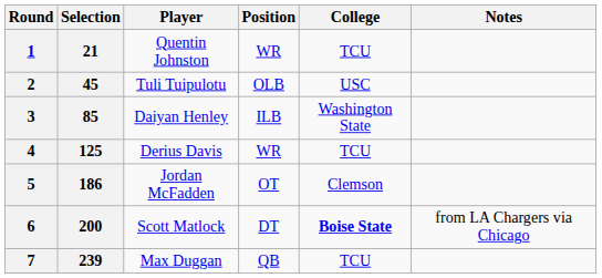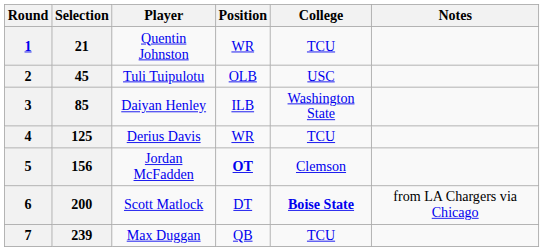 <table class="wikitable" style="text-align:center">
 <tr>
 <th>Round</th>
 <th>Selection</th>
 <th>Player</th>
 <th>Position</th>
 <th>College</th>
 <th>Notes</th>
 </tr>
 <tr>
 <th><a href='#'>1</a></th>
 <th>21</th>
 <td><a href='#'>Quentin Johnston</a></td>
 <td><a href='#'>WR</a></td>
 <td><a href='#'>TCU</a></td>
 <td></td>
 </tr>
 <tr>
 <th>2</th>
 <th>45</th>
 <td><a href='#'>Tuli Tuipulotu</a></td>
 <td><a href='#'>OLB</a></td>
 <td><a href='#'>USC</a></td>
 <td></td>
 </tr>
 <tr>
 <th>3</th>
 <th>85</th>
 <td><a href='#'>Daiyan Henley</a></td>
 <td><a href='#'>ILB</a></td>
 <td><a href='#'>Washington State</a></td>
 <td></td>
 </tr>
 <tr>
 <th>4</th>
 <th>125</th>
 <td><a href='#'>Derius Davis</a></td>
 <td><a href='#'>WR</a></td>
 <td><a href='#'>TCU</a></td>
 <td></td>
 </tr>
 <tr>
 <th>5</th>
-<th>186</th>
+<th>156</th>
 <td><a href='#'>Jordan McFadden</a></td>
-<td><a href='#'>OT</a></td>
+<td><strong><a href='#'>OT</a></strong></td>
 <td><a href='#'>Clemson</a></td>
 <td></td>
 </tr>
 <tr>
 <th>6</th>
 <th>200</th>
 <td><a href='#'>Scott Matlock</a></td>
 <td><a href='#'>DT</a></td>
 <td><strong><a href='#'>Boise State</a></strong></td>
 <td>from LA Chargers via <a href='#'>Chicago</a></td>
 </tr>
 <tr>
 <th>7</th>
 <th>239</th>
 <td><a href='#'>Max Duggan</a></td>
 <td><a href='#'>QB</a></td>
 <td><a href='#'>TCU</a></td>
 <td></td>
 </tr>
 </table>
